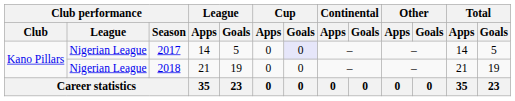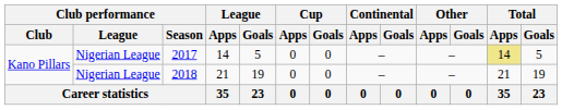 <table class="wikitable" style="text-align: center">
 <tr>
 <th colspan="3">Club performance</th>
 <th colspan="2">League</th>
 <th colspan="2">Cup</th>
 <th colspan="2">Continental</th>
 <th colspan="2">Other</th>
 <th colspan="3">Total</th>
 </tr>
 <tr>
 <th>Club</th>
 <th>League</th>
 <th>Season</th>
 <th>Apps</th>
 <th>Goals</th>
 <th>Apps</th>
 <th>Goals</th>
 <th>Apps</th>
 <th>Goals</th>
 <th>Apps</th>
 <th>Goals</th>
 <th>Apps</th>
 <th>Goals</th>
 </tr>
 <tr>
 <td valign="center" rowspan="2"><a href='#'>Kano Pillars</a></td>
 <td><a href='#'>Nigerian League</a></td>
 <td><a href='#'>2017</a></td>
 <td>14</td>
 <td>5</td>
 <td>0</td>
-<td style="background: lavender;">0</td>
+<td>0</td>
 <td colspan="2">–</td>
 <td colspan="2">–</td>
-<td>14</td>
+<td style="background: khaki;">14</td>
 <td>5</td>
 </tr>
 <tr>
 <td><a href='#'>Nigerian League</a></td>
 <td><a href='#'>2018</a></td>
 <td>21</td>
 <td>19</td>
 <td>0</td>
 <td>0</td>
 <td colspan="2">–</td>
 <td colspan="2">–</td>
 <td>21</td>
 <td>19</td>
 </tr>
 <tr>
 <th colspan="3">Career statistics</th>
 <th>35</th>
 <th>23</th>
 <th>0</th>
 <th>0</th>
 <th>0</th>
 <th>0</th>
 <th>0</th>
 <th>0</th>
 <th>35</th>
 <th>23</th>
 </tr>
 </table>
